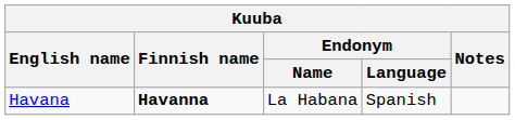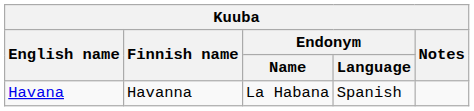 <table class="wikitable sortable">
 <tr>
 <th colspan="5"> Kuuba</th>
 </tr>
 <tr>
 <th rowspan="2">English name</th>
 <th rowspan="2">Finnish name</th>
 <th colspan="2">Endonym</th>
 <th rowspan="2">Notes</th>
 </tr>
 <tr>
 <th>Name</th>
 <th>Language</th>
 </tr>
 <tr>
 <td><a href='#'>Havana</a></td>
-<td><strong>Havanna</strong></td>
+<td>Havanna</td>
 <td>La Habana</td>
 <td>Spanish</td>
 <td></td>
 </tr>
 </table>
